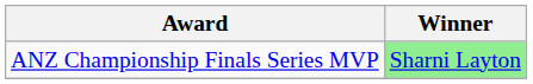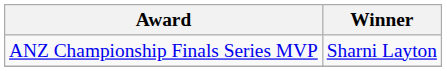 <table class="wikitable collapsible">
 <tr>
 <th>Award</th>
 <th>Winner</th>
 </tr>
 <tr>
 <td><a href='#'>ANZ Championship Finals Series MVP</a></td>
-<td style="background: lightgreen;"> <a href='#'>Sharni Layton</a></td>
+<td> <a href='#'>Sharni Layton</a></td>
 </tr>
 <tr>
 </tr>
 </table>
